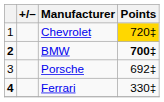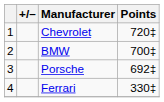 <table class="wikitable" style="font-size: 95%;">
 <tr>
 <th scope="col"></th>
 <th scope="col">+/–</th>
 <th scope="col">Manufacturer</th>
 <th scope="col">Points</th>
 </tr>
 <tr>
 <td align=center>1</td>
 <td align="left"></td>
 <td> <a href='#'>Chevrolet</a></td>
-<td align=right style="background: gold;">720‡</td>
+<td align=right>720‡</td>
 </tr>
 <tr>
-<td align=center><strong>2</strong></td>
+<td align=center>2</td>
 <td align="left"></td>
 <td> <a href='#'>BMW</a></td>
-<td align=right><strong>700‡</strong></td>
+<td align=right>700‡</td>
 </tr>
 <tr>
 <td align=center>3</td>
 <td align="left"></td>
 <td> <a href='#'>Porsche</a></td>
 <td align=right>692‡</td>
 </tr>
 <tr>
-<td align=center><strong>4</strong></td>
+<td align=center>4</td>
 <td align="left"></td>
 <td> <a href='#'>Ferrari</a></td>
 <td align=right>330‡</td>
 </tr>
 <tr>
 </tr>
 </table>
